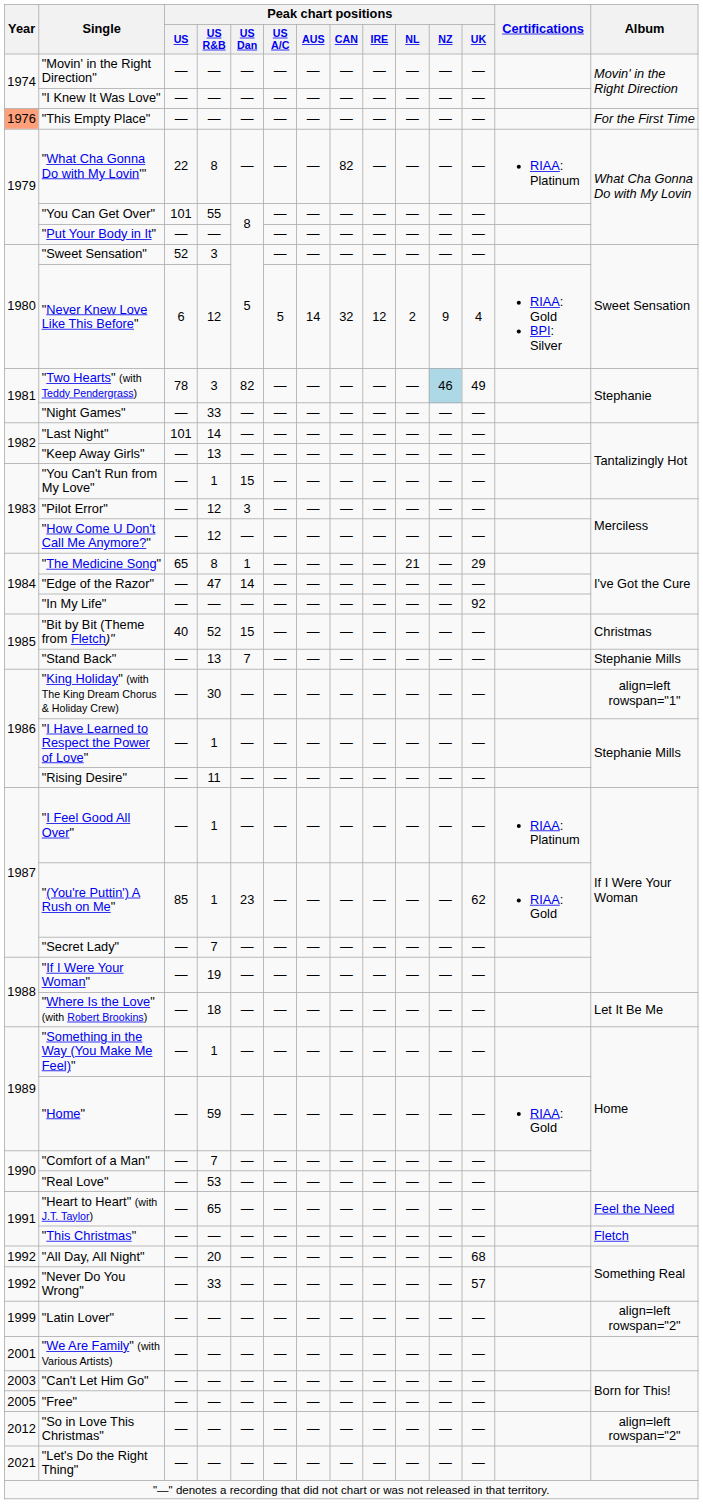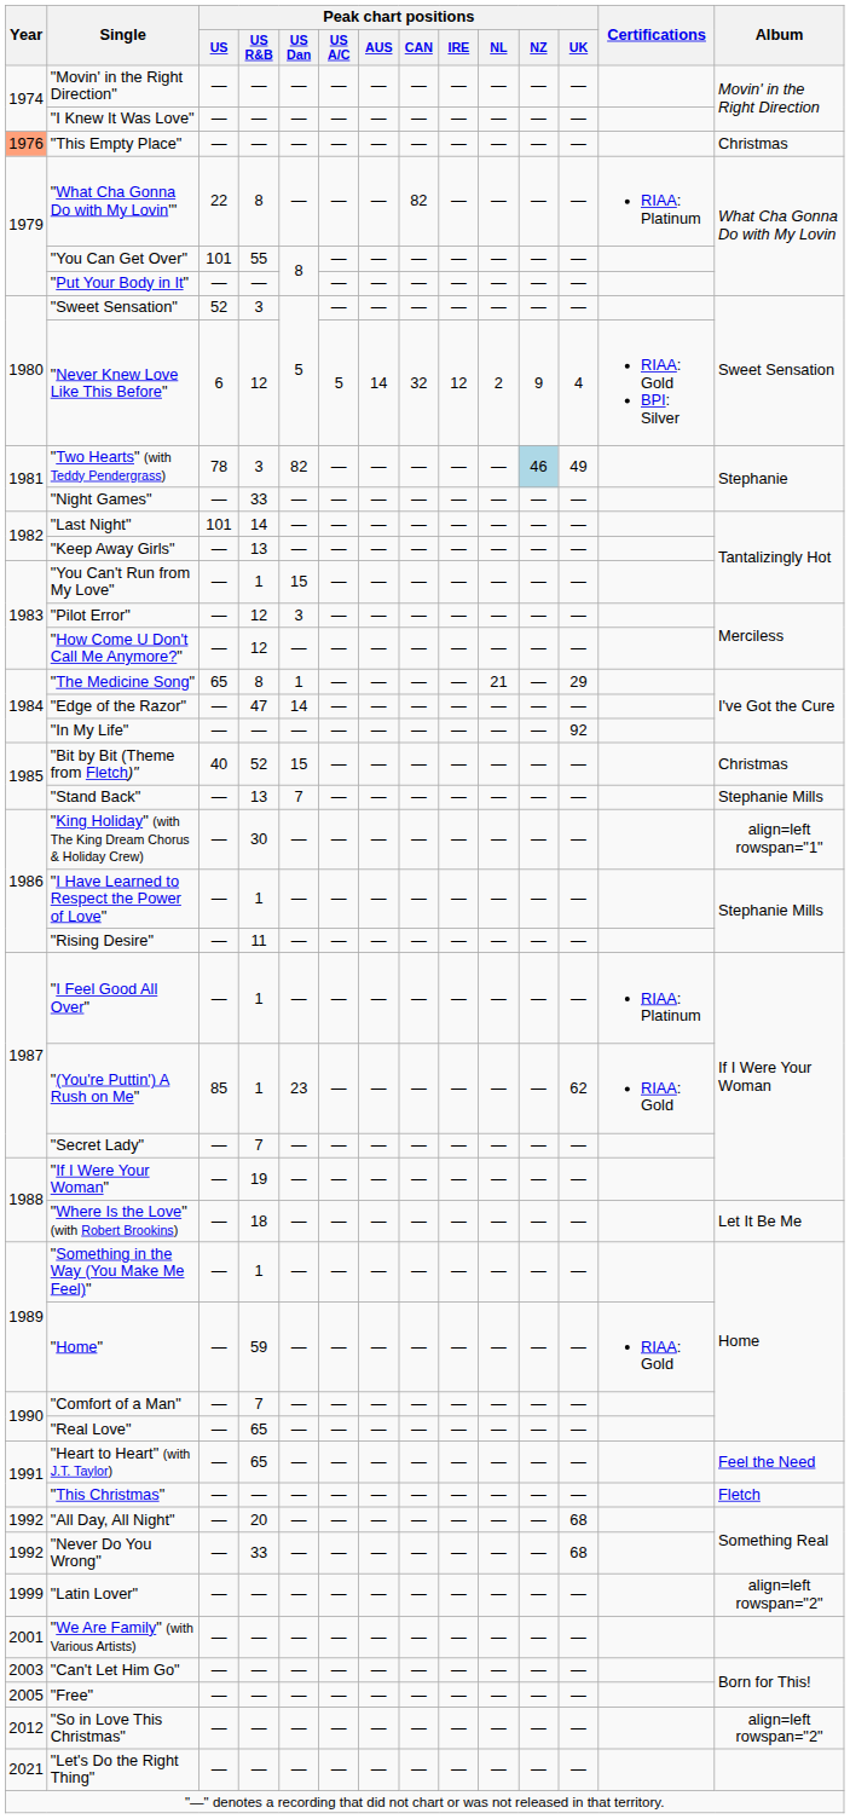 <table class="wikitable" style="text-align:center;">
 <tr>
 <th rowspan="2">Year</th>
 <th rowspan="2">Single</th>
 <th colspan="10">Peak chart positions</th>
 <th rowspan="2"><a href='#'>Certifications</a></th>
 <th rowspan="2">Album</th>
 </tr>
 <tr style="font-size:smaller;">
 <th width="35"><a href='#'>US</a><br></th>
 <th width="35"><a href='#'>US<br>R&B</a><br></th>
 <th width="35"><a href='#'>US Dan</a><br></th>
 <th width="35"><a href='#'>US<br>A/C</a><br></th>
 <th width="35"><a href='#'>AUS</a><br></th>
 <th width="35"><a href='#'>CAN</a><br></th>
 <th width="35"><a href='#'>IRE</a><br></th>
 <th width="35"><a href='#'>NL</a><br></th>
 <th width="35"><a href='#'>NZ</a><br></th>
 <th width="35"><a href='#'>UK</a><br></th>
 </tr>
 <tr>
 <td rowspan="2">1974</td>
 <td align="left">"Movin' in the Right Direction"</td>
 <td>—</td>
 <td>—</td>
 <td>—</td>
 <td>—</td>
 <td>—</td>
 <td>—</td>
 <td>—</td>
 <td>—</td>
 <td>—</td>
 <td>—</td>
 <td align=left></td>
 <td align=left rowspan="2"><em>Movin' in the Right Direction</em></td>
 </tr>
 <tr>
 <td align="left">"I Knew It Was Love"</td>
 <td>—</td>
 <td>—</td>
 <td>—</td>
 <td>—</td>
 <td>—</td>
 <td>—</td>
 <td>—</td>
 <td>—</td>
 <td>—</td>
 <td>—</td>
 <td align=left></td>
 </tr>
 <tr>
 <td rowspan="1" style="background: lightsalmon;">1976</td>
 <td align="left">"This Empty Place"</td>
 <td>—</td>
 <td>—</td>
 <td>—</td>
 <td>—</td>
 <td>—</td>
 <td>—</td>
 <td>—</td>
 <td>—</td>
 <td>—</td>
 <td>—</td>
 <td align=left></td>
-<td align=left rowspan="1"><em>For the First Time</em></td>
+<td align=left rowspan="1"></em>Christmas<em></td>
 </tr>
 <tr>
 <td rowspan="3">1979</td>
 <td align="left">"<a href='#'>What Cha Gonna Do with My Lovin</a>'"</td>
 <td>22</td>
 <td>8</td>
 <td>—</td>
 <td>—</td>
 <td>—</td>
 <td>82</td>
 <td>—</td>
 <td>—</td>
 <td>—</td>
 <td>—</td>
 <td align=left><br><ul><li><a href='#'>RIAA</a>: Platinum</li></ul></td>
 <td align=left rowspan="3"><em>What Cha Gonna Do with My Lovin<strong></td>
 </tr>
 <tr>
 <td align="left">"You Can Get Over"</td>
 <td>101</td>
 <td>55</td>
 <td rowspan="2">8</td>
 <td>—</td>
 <td>—</td>
 <td>—</td>
 <td>—</td>
 <td>—</td>
 <td>—</td>
 <td>—</td>
 <td align=left></td>
 </tr>
 <tr>
 <td align="left">"<a href='#'>Put Your Body in It</a>"</td>
 <td>—</td>
 <td>—</td>
 <td>—</td>
 <td>—</td>
 <td>—</td>
 <td>—</td>
 <td>—</td>
 <td>—</td>
 <td>—</td>
 <td align=left></td>
 </tr>
 <tr>
 <td rowspan="2">1980</td>
 <td align="left">"Sweet Sensation"</td>
 <td>52</td>
 <td>3</td>
 <td rowspan="2">5</td>
 <td>—</td>
 <td>—</td>
 <td>—</td>
 <td>—</td>
 <td>—</td>
 <td>—</td>
 <td>—</td>
 <td align=left></td>
 <td align=left rowspan="2"></em>Sweet Sensation<em></td>
 </tr>
 <tr>
 <td align="left">"<a href='#'>Never Knew Love Like This Before</a>"</td>
 <td>6</td>
 <td>12</td>
 <td>5</td>
 <td>14</td>
 <td>32</td>
 <td>12</td>
 <td>2</td>
 <td>9</td>
 <td>4</td>
 <td align=left><br><ul><li><a href='#'>RIAA</a>: Gold</li><li><a href='#'>BPI</a>: Silver</li></ul></td>
 </tr>
 <tr>
 <td rowspan="2">1981</td>
 <td align="left">"<a href='#'>Two Hearts</a>" <small>(with <a href='#'>Teddy Pendergrass</a>)</small></td>
 <td>78</td>
 <td>3</td>
 <td>82</td>
 <td>—</td>
 <td>—</td>
 <td>—</td>
 <td>—</td>
 <td>—</td>
 <td style="background: lightblue;">46</td>
 <td>49</td>
 <td align=left></td>
 <td align=left rowspan="2"></em>Stephanie<em></td>
 </tr>
 <tr>
 <td align="left">"Night Games"</td>
 <td>—</td>
 <td>33</td>
 <td>—</td>
 <td>—</td>
 <td>—</td>
 <td>—</td>
 <td>—</td>
 <td>—</td>
 <td>—</td>
 <td>—</td>
 <td align=left></td>
 </tr>
 <tr>
 <td rowspan="2">1982</td>
 <td align="left">"Last Night"</td>
 <td>101</td>
 <td>14</td>
 <td>—</td>
 <td>—</td>
 <td>—</td>
 <td>—</td>
 <td>—</td>
 <td>—</td>
 <td>—</td>
 <td>—</td>
 <td align=left></td>
 <td align=left rowspan="3"></em>Tantalizingly Hot<em></td>
 </tr>
 <tr>
 <td align="left">"Keep Away Girls"</td>
 <td>—</td>
 <td>13</td>
 <td>—</td>
 <td>—</td>
 <td>—</td>
 <td>—</td>
 <td>—</td>
 <td>—</td>
 <td>—</td>
 <td>—</td>
 <td align=left></td>
 </tr>
 <tr>
 <td rowspan="3">1983</td>
 <td align="left">"You Can't Run from My Love"</td>
 <td>—</td>
 <td>1</td>
 <td>15</td>
 <td>—</td>
 <td>—</td>
 <td>—</td>
 <td>—</td>
 <td>—</td>
 <td>—</td>
 <td>—</td>
 <td align=left></td>
 </tr>
 <tr>
 <td align="left">"Pilot Error"</td>
 <td>—</td>
 <td>12</td>
 <td>3</td>
 <td>—</td>
 <td>—</td>
 <td>—</td>
 <td>—</td>
 <td>—</td>
 <td>—</td>
 <td>—</td>
 <td align=left></td>
 <td align=left rowspan="2"></em>Merciless<em></td>
 </tr>
 <tr>
 <td align="left">"<a href='#'>How Come U Don't Call Me Anymore?</a>"</td>
 <td>—</td>
 <td>12</td>
 <td>—</td>
 <td>—</td>
 <td>—</td>
 <td>—</td>
 <td>—</td>
 <td>—</td>
 <td>—</td>
 <td>—</td>
 <td align=left></td>
 </tr>
 <tr>
 <td rowspan="3">1984</td>
 <td align="left">"<a href='#'>The Medicine Song</a>"</td>
 <td>65</td>
 <td>8</td>
 <td>1</td>
 <td>—</td>
 <td>—</td>
 <td>—</td>
 <td>—</td>
 <td>21</td>
 <td>—</td>
 <td>29</td>
 <td align=left></td>
 <td align=left rowspan="3"></em>I've Got the Cure<em></td>
 </tr>
 <tr>
 <td align="left">"Edge of the Razor"</td>
 <td>—</td>
 <td>47</td>
 <td>14</td>
 <td>—</td>
 <td>—</td>
 <td>—</td>
 <td>—</td>
 <td>—</td>
 <td>—</td>
 <td>—</td>
 <td align=left></td>
 </tr>
 <tr>
 <td align="left">"In My Life"</td>
 <td>—</td>
 <td>—</td>
 <td>—</td>
 <td>—</td>
 <td>—</td>
 <td>—</td>
 <td>—</td>
 <td>—</td>
 <td>—</td>
 <td>92</td>
 <td align=left></td>
 </tr>
 <tr>
 <td rowspan="2">1985</td>
 <td align="left">"Bit by Bit (Theme from </em><a href='#'>Fletch</a><em>)"</td>
 <td>40</td>
 <td>52</td>
 <td>15</td>
 <td>—</td>
 <td>—</td>
 <td>—</td>
 <td>—</td>
 <td>—</td>
 <td>—</td>
 <td>—</td>
 <td align=left></td>
 <td align=left rowspan="1"></em>Christmas<em></td>
 </tr>
 <tr>
 <td align="left">"Stand Back"</td>
 <td>—</td>
 <td>13</td>
 <td>7</td>
 <td>—</td>
 <td>—</td>
 <td>—</td>
 <td>—</td>
 <td>—</td>
 <td>—</td>
 <td>—</td>
 <td align=left></td>
 <td align=left rowspan="1"></em>Stephanie Mills<em></td>
 </tr>
 <tr>
 <td rowspan="3">1986</td>
 <td align="left">"<a href='#'>King Holiday</a>" <small>(with The King Dream Chorus & Holiday Crew)</small></td>
 <td>—</td>
 <td>30</td>
 <td>—</td>
 <td>—</td>
 <td>—</td>
 <td>—</td>
 <td>—</td>
 <td>—</td>
 <td>—</td>
 <td>—</td>
 <td align=left></td>
 <td>align=left rowspan="1" </td>
 </tr>
 <tr>
 <td align="left">"<a href='#'>I Have Learned to Respect the Power of Love</a>"</td>
 <td>—</td>
 <td>1</td>
 <td>—</td>
 <td>—</td>
 <td>—</td>
 <td>—</td>
 <td>—</td>
 <td>—</td>
 <td>—</td>
 <td>—</td>
 <td align=left></td>
 <td align=left rowspan="2"></em>Stephanie Mills<em></td>
 </tr>
 <tr>
 <td align="left">"Rising Desire"</td>
 <td>—</td>
 <td>11</td>
 <td>—</td>
 <td>—</td>
 <td>—</td>
 <td>—</td>
 <td>—</td>
 <td>—</td>
 <td>—</td>
 <td>—</td>
 <td align=left></td>
 </tr>
 <tr>
 <td rowspan="3">1987</td>
 <td align="left">"<a href='#'>I Feel Good All Over</a>"</td>
 <td>—</td>
 <td>1</td>
 <td>—</td>
 <td>—</td>
 <td>—</td>
 <td>—</td>
 <td>—</td>
 <td>—</td>
 <td>—</td>
 <td>—</td>
 <td align=left><br><ul><li><a href='#'>RIAA</a>: Platinum</li></ul></td>
 <td align=left rowspan="4"></em>If I Were Your Woman<em></td>
 </tr>
 <tr>
 <td align="left">"<a href='#'>(You're Puttin') A Rush on Me</a>"</td>
 <td>85</td>
 <td>1</td>
 <td>23</td>
 <td>—</td>
 <td>—</td>
 <td>—</td>
 <td>—</td>
 <td>—</td>
 <td>—</td>
 <td>62</td>
 <td align=left><br><ul><li><a href='#'>RIAA</a>: Gold</li></ul></td>
 </tr>
 <tr>
 <td align="left">"Secret Lady"</td>
 <td>—</td>
 <td>7</td>
 <td>—</td>
 <td>—</td>
 <td>—</td>
 <td>—</td>
 <td>—</td>
 <td>—</td>
 <td>—</td>
 <td>—</td>
 <td align=left></td>
 </tr>
 <tr>
 <td rowspan="2">1988</td>
 <td align="left">"<a href='#'>If I Were Your Woman</a>"</td>
 <td>—</td>
 <td>19</td>
 <td>—</td>
 <td>—</td>
 <td>—</td>
 <td>—</td>
 <td>—</td>
 <td>—</td>
 <td>—</td>
 <td>—</td>
 <td align=left></td>
 </tr>
 <tr>
 <td align="left">"<a href='#'>Where Is the Love</a>" <small>(with <a href='#'>Robert Brookins</a>)</small></td>
 <td>—</td>
 <td>18</td>
 <td>—</td>
 <td>—</td>
 <td>—</td>
 <td>—</td>
 <td>—</td>
 <td>—</td>
 <td>—</td>
 <td>—</td>
 <td align=left></td>
 <td align=left rowspan="1"></em>Let It Be Me<em></td>
 </tr>
 <tr>
 <td rowspan="2">1989</td>
 <td align="left">"<a href='#'>Something in the Way (You Make Me Feel)</a>"</td>
 <td>—</td>
 <td>1</td>
 <td>—</td>
 <td>—</td>
 <td>—</td>
 <td>—</td>
 <td>—</td>
 <td>—</td>
 <td>—</td>
 <td>—</td>
 <td align=left></td>
 <td align=left rowspan="4"></em>Home<em></td>
 </tr>
 <tr>
 <td align="left">"<a href='#'>Home</a>"</td>
 <td>—</td>
 <td>59</td>
 <td>—</td>
 <td>—</td>
 <td>—</td>
 <td>—</td>
 <td>—</td>
 <td>—</td>
 <td>—</td>
 <td>—</td>
 <td align=left><br><ul><li><a href='#'>RIAA</a>: Gold</li></ul></td>
 </tr>
 <tr>
 <td rowspan="2">1990</td>
 <td align="left">"Comfort of a Man"</td>
 <td>—</td>
 <td>7</td>
 <td>—</td>
 <td>—</td>
 <td>—</td>
 <td>—</td>
 <td>—</td>
 <td>—</td>
 <td>—</td>
 <td>—</td>
 <td align=left></td>
 </tr>
 <tr>
 <td align="left">"Real Love"</td>
 <td>—</td>
-<td>53</td>
+<td>65</td>
 <td>—</td>
 <td>—</td>
 <td>—</td>
 <td>—</td>
 <td>—</td>
 <td>—</td>
 <td>—</td>
 <td>—</td>
 <td align=left></td>
 </tr>
 <tr>
 <td rowspan="2">1991</td>
 <td align="left">"Heart to Heart" <small>(with <a href='#'>J.T. Taylor</a>)</small></td>
 <td>—</td>
 <td>65</td>
 <td>—</td>
 <td>—</td>
 <td>—</td>
 <td>—</td>
 <td>—</td>
 <td>—</td>
 <td>—</td>
 <td>—</td>
 <td align=left></td>
 <td align=left rowspan="1"></em><a href='#'>Feel the Need</a><em></td>
 </tr>
 <tr>
 <td align="left">"<a href='#'>This Christmas</a>"</td>
 <td>—</td>
 <td>—</td>
 <td>—</td>
 <td>—</td>
 <td>—</td>
 <td>—</td>
 <td>—</td>
 <td>—</td>
 <td>—</td>
 <td>—</td>
 <td align=left></td>
 <td align=left rowspan="1"></em><a href='#'>Fletch</a><em></td>
 </tr>
 <tr>
 <td rowspan="1">1992</td>
 <td align="left">"All Day, All Night"</td>
 <td>—</td>
 <td>20</td>
 <td>—</td>
 <td>—</td>
 <td>—</td>
 <td>—</td>
 <td>—</td>
 <td>—</td>
 <td>—</td>
 <td>68</td>
 <td align=left></td>
 <td align=left rowspan="2"></em>Something Real<em></td>
 </tr>
 <tr>
 <td rowspan="1">1992</td>
 <td align="left">"Never Do You Wrong"</td>
 <td>—</td>
 <td>33</td>
 <td>—</td>
 <td>—</td>
 <td>—</td>
 <td>—</td>
 <td>—</td>
 <td>—</td>
 <td>—</td>
-<td>57</td>
+<td>68</td>
 </tr>
 <tr>
 <td rowspan="1">1999</td>
 <td align="left">"Latin Lover"</td>
 <td>—</td>
 <td>—</td>
 <td>—</td>
 <td>—</td>
 <td>—</td>
 <td>—</td>
 <td>—</td>
 <td>—</td>
 <td>—</td>
 <td>—</td>
 <td align=left></td>
 <td>align=left rowspan="2" </td>
 </tr>
 <tr>
 <td rowspan="1">2001</td>
 <td align="left">"<a href='#'>We Are Family</a>" <small>(with Various Artists)</small></td>
 <td>—</td>
 <td>—</td>
 <td>—</td>
 <td>—</td>
 <td>—</td>
 <td>—</td>
 <td>—</td>
 <td>—</td>
 <td>—</td>
 <td>—</td>
 <td align=left></td>
 </tr>
 <tr>
 <td rowspan="1">2003</td>
 <td align="left">"Can't Let Him Go"</td>
 <td>—</td>
 <td>—</td>
 <td>—</td>
 <td>—</td>
 <td>—</td>
 <td>—</td>
 <td>—</td>
 <td>—</td>
 <td>—</td>
 <td>—</td>
 <td align=left></td>
 <td align=left rowspan="2"></em>Born for This!<em></td>
 </tr>
 <tr>
 <td rowspan="1">2005</td>
 <td align="left">"Free"</td>
 <td>—</td>
 <td>—</td>
 <td>—</td>
 <td>—</td>
 <td>—</td>
 <td>—</td>
 <td>—</td>
 <td>—</td>
 <td>—</td>
 <td>—</td>
 <td align=left></td>
 </tr>
 <tr>
 <td rowspan="1">2012</td>
 <td align="left">"So in Love This Christmas"</td>
 <td>—</td>
 <td>—</td>
 <td>—</td>
 <td>—</td>
 <td>—</td>
 <td>—</td>
 <td>—</td>
 <td>—</td>
 <td>—</td>
 <td>—</td>
 <td align=left></td>
 <td>align=left rowspan="2" </td>
 </tr>
 <tr>
 <td rowspan="1">2021</td>
 <td align="left">"Let's Do the Right Thing"</td>
 <td>—</td>
 <td>—</td>
 <td>—</td>
 <td>—</td>
 <td>—</td>
 <td>—</td>
 <td>—</td>
 <td>—</td>
 <td>—</td>
 <td>—</td>
 <td align=left></td>
 </tr>
 <tr>
 <td colspan="15" style="font-size:90%">"—" denotes a recording that did not chart or was not released in that territory.</td>
 </tr>
 </table>
